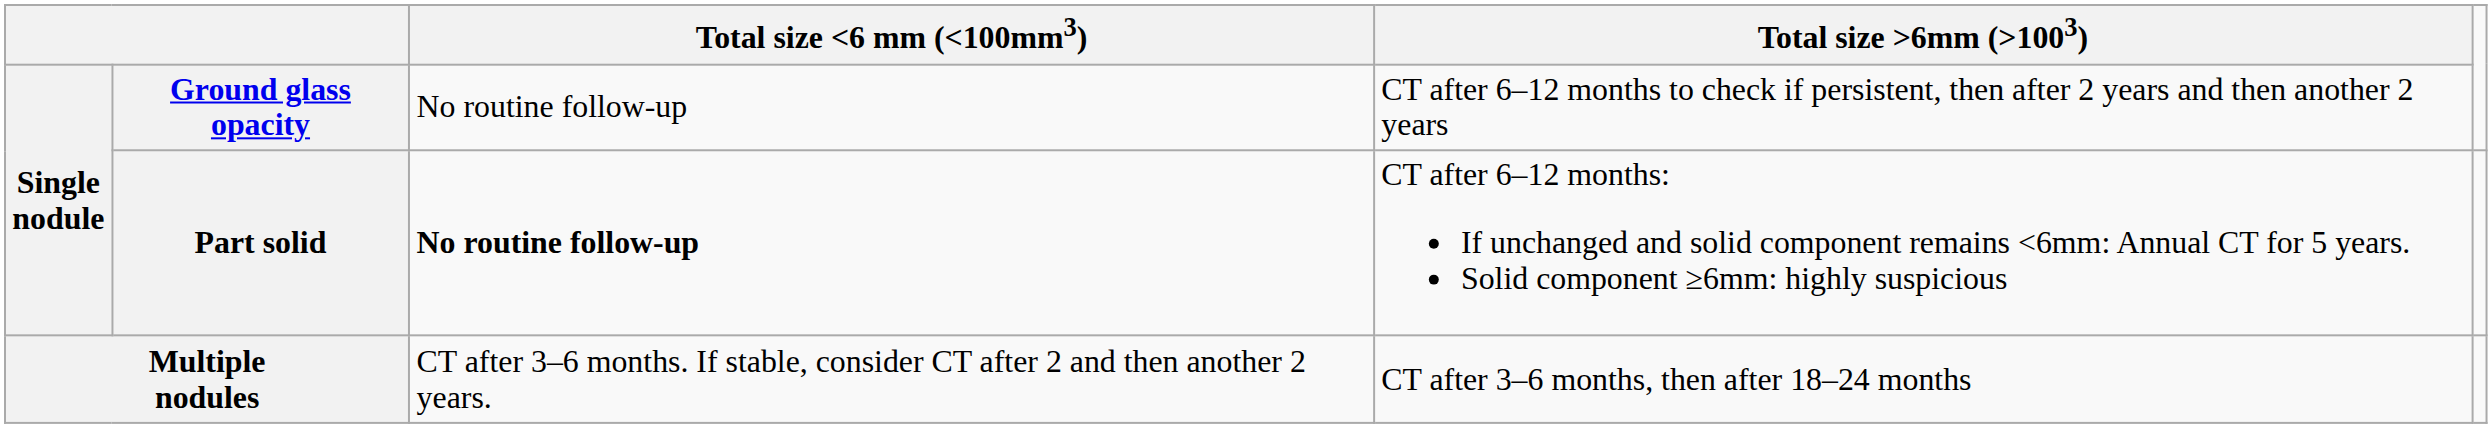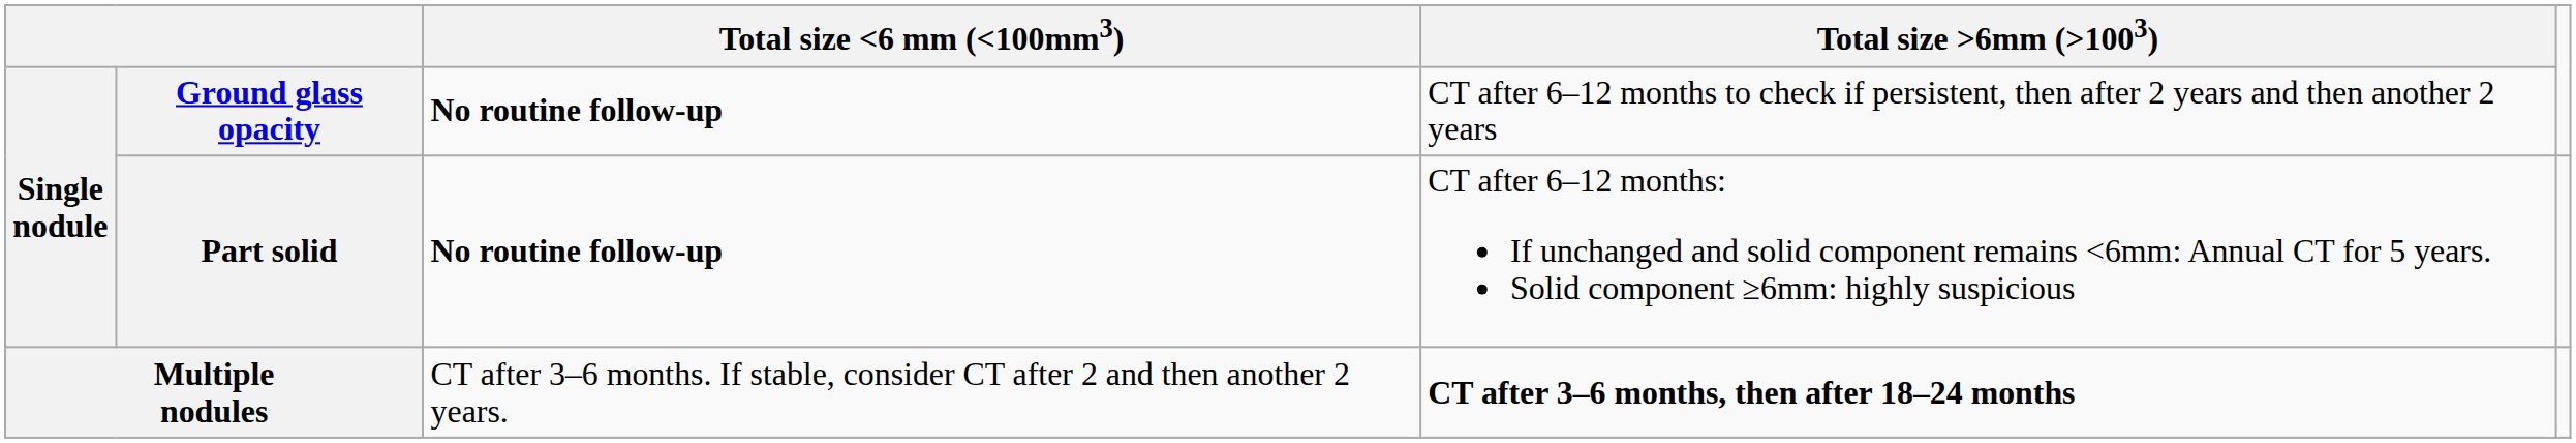 <table class="wikitable">
 <tr>
 <th colspan=2></th>
 <th>Total size <6 mm (<100mm<sup>3</sup>)</th>
 <th>Total size >6mm (>100<sup>3</sup>)</th>
 </tr>
 <tr>
 <th rowspan=2>Single<br> nodule</th>
 <th><a href='#'>Ground glass opacity</a></th>
-<td>No routine follow-up</td>
+<td><strong>No routine follow-up</strong></td>
 <td>CT after 6–12 months to check if persistent, then after 2 years and then another 2 years</td>
 </tr>
 <tr>
 <th>Part solid</th>
 <td><strong>No routine follow-up</strong></td>
 <td>CT after 6–12 months:<br><ul><li>If unchanged and solid component remains <6mm: Annual CT for 5 years.</li><li>Solid component ≥6mm: highly suspicious</li></ul></td>
 <td></td>
 </tr>
 <tr>
 <th colspan=2>Multiple<br> nodules</th>
 <td>CT after 3–6 months. If stable, consider CT after 2 and then another 2 years.</td>
-<td>CT after 3–6 months, then after 18–24 months</td>
+<td><strong>CT after 3–6 months, then after 18–24 months</strong></td>
 </tr>
 </table>
